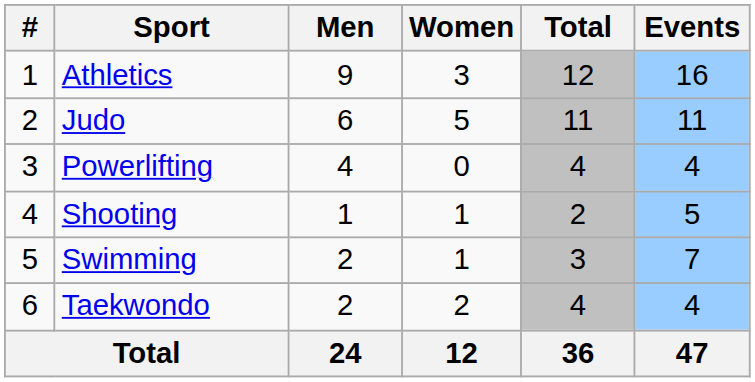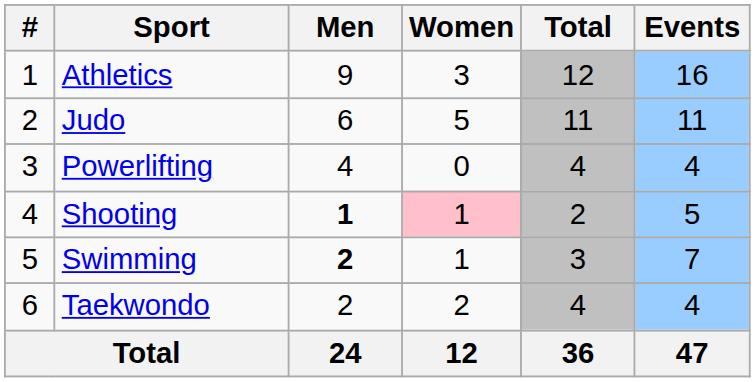 <table class="wikitable sortable" style="text-align:center;">
 <tr>
 <th width=20>#</th>
 <th width=120>Sport</th>
 <th width=55>Men</th>
 <th width=55>Women</th>
 <th width=55>Total</th>
 <th width=55>Events</th>
 </tr>
 <tr>
 <td align=center>1</td>
 <td align=left><a href='#'>Athletics</a></td>
 <td>9</td>
 <td>3</td>
 <td bgcolor=silver>12</td>
 <td bgcolor=#9acdff>16</td>
 </tr>
 <tr>
 <td align=center>2</td>
 <td align=left><a href='#'>Judo</a></td>
 <td>6</td>
 <td>5</td>
 <td bgcolor=silver>11</td>
 <td bgcolor=#9acdff>11</td>
 </tr>
 <tr>
 <td align=center>3</td>
 <td align=left><a href='#'>Powerlifting</a></td>
 <td>4</td>
 <td>0</td>
 <td bgcolor=silver>4</td>
 <td bgcolor=#9acdff>4</td>
 </tr>
 <tr>
 <td align=center>4</td>
 <td align=left><a href='#'>Shooting</a></td>
-<td>1</td>
-<td>1</td>
+<td><strong>1</strong></td>
+<td style="background: pink;">1</td>
 <td bgcolor=silver>2</td>
 <td bgcolor=#9acdff>5</td>
 </tr>
 <tr>
 <td align=center>5</td>
 <td align=left><a href='#'>Swimming</a></td>
-<td>2</td>
+<td><strong>2</strong></td>
 <td>1</td>
 <td bgcolor=silver>3</td>
 <td bgcolor=#9acdff>7</td>
 </tr>
 <tr>
 <td align=center>6</td>
 <td align=left><a href='#'>Taekwondo</a></td>
 <td>2</td>
 <td>2</td>
 <td bgcolor=silver>4</td>
 <td bgcolor=#9acdff>4</td>
 </tr>
 <tr class="sortbottom">
 <th colspan=2>Total</th>
 <th>24</th>
 <th>12</th>
 <th>36</th>
 <th>47</th>
 </tr>
 </table>
